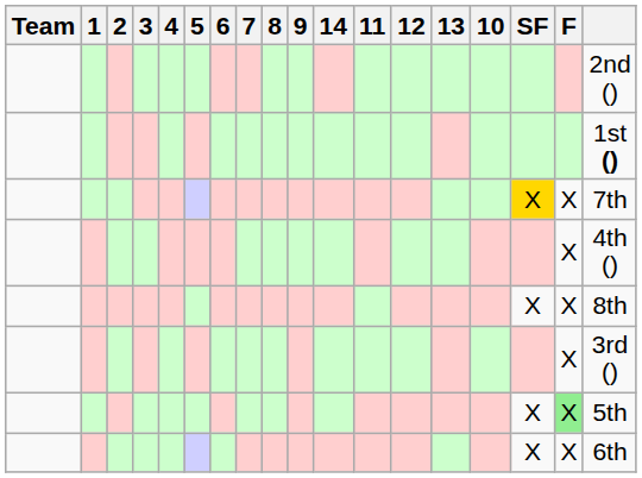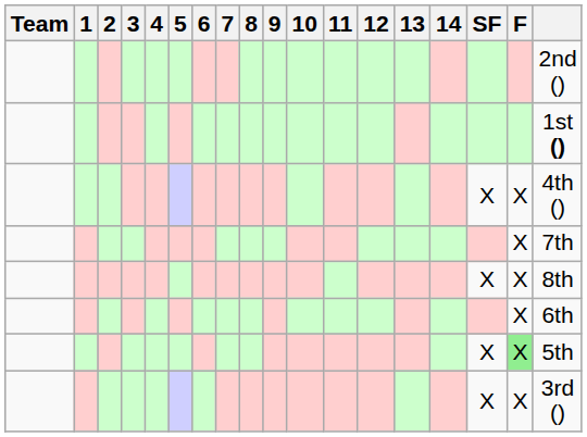 <table class= "wikitable" style="font-size:85%; text-align:center; width:50%">
 <tr>
 <th>Team</th>
 <th>1</th>
 <th>2</th>
 <th>3</th>
 <th>4</th>
 <th>5</th>
 <th>6</th>
 <th>7</th>
 <th>8</th>
 <th>9</th>
-<th>14</th>
+<th>10</th>
 <th>11</th>
 <th>12</th>
 <th>13</th>
-<th>10</th>
+<th>14</th>
 <th>SF</th>
 <th>F</th>
 <th></th>
 </tr>
 <tr>
 <td align="left"></td>
 <td style="background:#cfc;"><strong></strong></td>
 <td style="background:#FFCFCF;"></td>
 <td style="background:#cfc;"><strong></strong></td>
 <td style="background:#cfc;"><strong></strong></td>
 <td style="background:#cfc;"><strong></strong></td>
 <td style="background:#FFCFCF;"></td>
 <td style="background:#FFCFCF;"></td>
 <td style="background:#cfc;"><strong></strong></td>
 <td style="background:#cfc;"><strong></strong></td>
-<td style="background:#FFCFCF;"></td>
 <td style="background:#cfc;"><strong></strong></td>
 <td style="background:#cfc;"><strong></strong></td>
 <td style="background:#cfc;"><strong></strong></td>
 <td style="background:#cfc;"><strong></strong></td>
+<td style="background:#FFCFCF;"></td>
 <td style="background:#cfc;"><strong></strong></td>
 <td style="background:#FFCFCF;"></td>
 <td>2nd<br>()</td>
 </tr>
 <tr>
 <td align="left"></td>
 <td style="background:#cfc;"><strong></strong></td>
 <td style="background:#FFCFCF;"></td>
 <td style="background:#FFCFCF;"></td>
 <td style="background:#cfc;"><strong></strong></td>
 <td style="background:#FFCFCF;"></td>
 <td style="background:#cfc;"><strong></strong></td>
 <td style="background:#cfc;"><strong></strong></td>
 <td style="background:#cfc;"><strong></strong></td>
 <td style="background:#cfc;"><strong></strong></td>
 <td style="background:#cfc;"><strong></strong></td>
 <td style="background:#cfc;"><strong></strong></td>
 <td style="background:#cfc;"><strong></strong></td>
 <td style="background:#FFCFCF;"></td>
 <td style="background:#cfc;"><strong></strong></td>
 <td style="background:#cfc;"><strong></strong></td>
 <td style="background:#cfc;"><strong></strong></td>
 <td>1st<br><strong>()</strong></td>
 </tr>
 <tr>
 <td align="left"></td>
 <td style="background:#cfc;"><strong></strong></td>
 <td style="background:#cfc;"><strong></strong></td>
 <td style="background:#FFCFCF;"></td>
 <td style="background:#FFCFCF;"></td>
 <td style="background:#CFCFFF;"><em></em></td>
 <td style="background:#FFCFCF;"></td>
 <td style="background:#FFCFCF;"></td>
 <td style="background:#FFCFCF;"></td>
 <td style="background:#FFCFCF;"></td>
-<td style="background:#FFCFCF;"></td>
+<td style="background:#cfc;"><strong></strong></td>
 <td style="background:#FFCFCF;"></td>
 <td style="background:#FFCFCF;"></td>
 <td style="background:#cfc;"><strong></strong></td>
-<td style="background:#cfc;"><strong></strong></td>
-<td style="background: gold;">X</td>
+<td style="background:#FFCFCF;"></td>
 <td>X</td>
-<td>7th</td>
+<td>X</td>
+<td>4th<br>()</td>
 </tr>
 <tr>
 <td align="left"></td>
 <td style="background:#FFCFCF;"></td>
 <td style="background:#cfc;"><strong></strong></td>
 <td style="background:#cfc;"><strong></strong></td>
 <td style="background:#FFCFCF;"></td>
 <td style="background:#FFCFCF;"></td>
 <td style="background:#FFCFCF;"></td>
 <td style="background:#cfc;"><strong></strong></td>
 <td style="background:#cfc;"><strong></strong></td>
 <td style="background:#cfc;"><strong></strong></td>
-<td style="background:#cfc;"><strong></strong></td>
+<td style="background:#FFCFCF;"></td>
 <td style="background:#FFCFCF;"></td>
 <td style="background:#cfc;"><strong></strong></td>
 <td style="background:#cfc;"><strong></strong></td>
-<td style="background:#FFCFCF;"></td>
+<td style="background:#cfc;"><strong></strong></td>
 <td style="background:#FFCFCF;"></td>
 <td>X</td>
-<td>4th<br>()</td>
+<td>7th</td>
 </tr>
 <tr>
 <td align="left"></td>
 <td style="background:#FFCFCF;"></td>
 <td style="background:#FFCFCF;"></td>
 <td style="background:#FFCFCF;"></td>
 <td style="background:#FFCFCF;"></td>
 <td style="background:#cfc;"><strong></strong></td>
 <td style="background:#FFCFCF;"></td>
 <td style="background:#FFCFCF;"></td>
 <td style="background:#FFCFCF;"></td>
 <td style="background:#FFCFCF;"></td>
 <td style="background:#FFCFCF;"></td>
 <td style="background:#cfc;"><strong></strong></td>
 <td style="background:#FFCFCF;"></td>
 <td style="background:#FFCFCF;"></td>
 <td style="background:#FFCFCF;"></td>
 <td>X</td>
 <td>X</td>
 <td>8th</td>
 </tr>
 <tr>
 <td align="left"></td>
 <td style="background:#FFCFCF;"></td>
 <td style="background:#cfc;"><strong></strong></td>
 <td style="background:#FFCFCF;"></td>
 <td style="background:#cfc;"><strong></strong></td>
 <td style="background:#FFCFCF;"></td>
 <td style="background:#cfc;"><strong></strong></td>
 <td style="background:#cfc;"><strong></strong></td>
 <td style="background:#cfc;"><strong></strong></td>
 <td style="background:#FFCFCF;"></td>
 <td style="background:#cfc;"><strong></strong></td>
 <td style="background:#cfc;"><strong></strong></td>
 <td style="background:#cfc;"><strong></strong></td>
 <td style="background:#FFCFCF;"></td>
 <td style="background:#cfc;"><strong></strong></td>
 <td style="background:#FFCFCF;"></td>
 <td>X</td>
-<td>3rd<br>()</td>
+<td>6th</td>
 </tr>
 <tr>
 <td align="left"></td>
 <td style="background:#cfc;"><strong></strong></td>
 <td style="background:#FFCFCF;"></td>
 <td style="background:#cfc;"><strong></strong></td>
 <td style="background:#cfc;"><strong></strong></td>
 <td style="background:#cfc;"><strong></strong></td>
 <td style="background:#FFCFCF;"></td>
 <td style="background:#cfc;"><strong></strong></td>
 <td style="background:#cfc;"><strong></strong></td>
 <td style="background:#FFCFCF;"></td>
-<td style="background:#cfc;"><strong></strong></td>
 <td style="background:#FFCFCF;"></td>
 <td style="background:#FFCFCF;"></td>
 <td style="background:#FFCFCF;"></td>
 <td style="background:#FFCFCF;"></td>
+<td style="background:#cfc;"><strong></strong></td>
 <td>X</td>
 <td style="background: lightgreen;">X</td>
 <td>5th</td>
 </tr>
 <tr>
 <td align="left"></td>
 <td style="background:#FFCFCF;"></td>
 <td style="background:#cfc;"><strong></strong></td>
 <td style="background:#cfc;"><strong></strong></td>
 <td style="background:#cfc;"><strong></strong></td>
 <td style="background:#CFCFFF;"><em></em></td>
 <td style="background:#cfc;"><strong></strong></td>
 <td style="background:#FFCFCF;"></td>
 <td style="background:#FFCFCF;"></td>
 <td style="background:#FFCFCF;"></td>
 <td style="background:#FFCFCF;"></td>
 <td style="background:#FFCFCF;"></td>
 <td style="background:#FFCFCF;"></td>
 <td style="background:#cfc;"><strong></strong></td>
 <td style="background:#FFCFCF;"></td>
 <td>X</td>
 <td>X</td>
-<td>6th</td>
+<td>3rd<br>()</td>
 </tr>
 </table>
